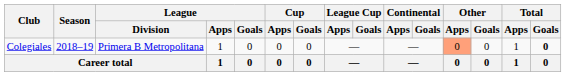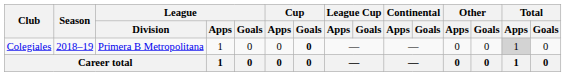 <table class="wikitable" style="text-align:center">
 <tr>
 <th rowspan="2">Club</th>
 <th rowspan="2">Season</th>
 <th colspan="3">League</th>
 <th colspan="2">Cup</th>
 <th colspan="2">League Cup</th>
 <th colspan="2">Continental</th>
 <th colspan="2">Other</th>
 <th colspan="2">Total</th>
 </tr>
 <tr>
 <th>Division</th>
 <th>Apps</th>
 <th>Goals</th>
 <th>Apps</th>
 <th>Goals</th>
 <th>Apps</th>
 <th>Goals</th>
 <th>Apps</th>
 <th>Goals</th>
 <th>Apps</th>
 <th>Goals</th>
 <th>Apps</th>
 <th>Goals</th>
 </tr>
 <tr>
 <td rowspan="1"><a href='#'>Colegiales</a></td>
 <td><a href='#'>2018–19</a></td>
 <td rowspan="1"><a href='#'>Primera B Metropolitana</a></td>
 <td>1</td>
 <td>0</td>
 <td>0</td>
-<td>0</td>
+<td><strong>0</strong></td>
 <td colspan="2">—</td>
 <td colspan="2">—</td>
-<td style="background: lightsalmon;">0</td>
 <td>0</td>
-<td>1</td>
-<td><strong>0</strong></td>
+<td>0</td>
+<td style="background: lightgrey;">1</td>
+<td>0</td>
 </tr>
 <tr>
 <th colspan="3">Career total</th>
 <th>1</th>
 <th>0</th>
 <th>0</th>
 <th>0</th>
 <th colspan="2">—</th>
 <th colspan="2">—</th>
 <th>0</th>
 <th>0</th>
 <th>1</th>
 <th>0</th>
 </tr>
 </table>
